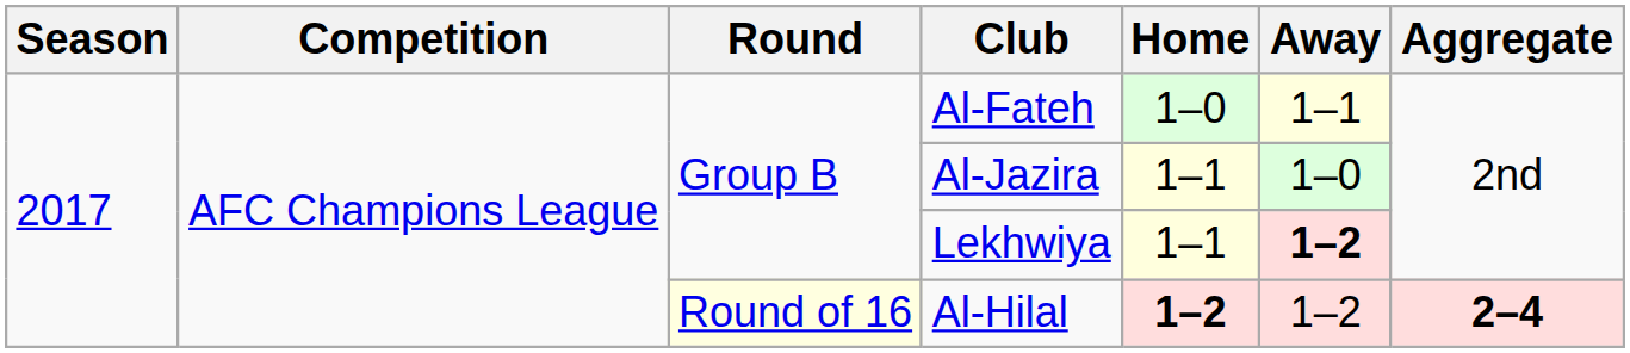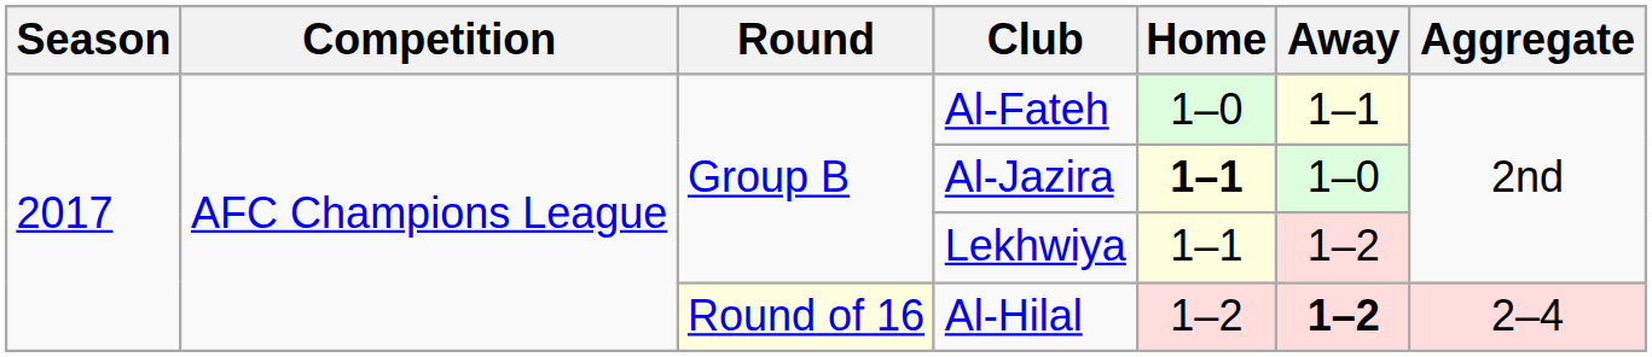 <table class="wikitable">
 <tr>
 <th>Season</th>
 <th>Competition</th>
 <th>Round</th>
 <th>Club</th>
 <th>Home</th>
 <th>Away</th>
 <th>Aggregate</th>
 </tr>
 <tr>
 <td rowspan="4"><a href='#'>2017</a></td>
 <td rowspan="4"><a href='#'>AFC Champions League</a></td>
 <td rowspan="3"><a href='#'>Group B</a></td>
 <td> <a href='#'>Al-Fateh</a></td>
 <td style="text-align:center; background:#dfd;">1–0</td>
 <td style="text-align:center; background:#ffd;">1–1</td>
 <td rowspan="3" style="text-align:center;">2nd</td>
 </tr>
 <tr>
 <td> <a href='#'>Al-Jazira</a></td>
-<td style="text-align:center; background:#ffd;">1–1</td>
+<td style="text-align:center; background:#ffd;"><strong>1–1</strong></td>
 <td style="text-align:center; background:#dfd;">1–0</td>
 </tr>
 <tr>
 <td> <a href='#'>Lekhwiya</a></td>
 <td style="text-align:center; background:#ffd;">1–1</td>
-<td style="text-align:center; background:#fdd;"><strong>1–2</strong></td>
+<td style="text-align:center; background:#fdd;">1–2</td>
 </tr>
 <tr>
 <td rowspan="1" style="background: lightyellow;"><a href='#'>Round of 16</a></td>
 <td> <a href='#'>Al-Hilal</a></td>
+<td style="text-align:center; background:#fdd;">1–2</td>
 <td style="text-align:center; background:#fdd;"><strong>1–2</strong></td>
-<td style="text-align:center; background:#fdd;">1–2</td>
-<td style="text-align:center; background:#fdd;"><strong>2–4</strong></td>
+<td style="text-align:center; background:#fdd;">2–4</td>
 </tr>
 </table>
